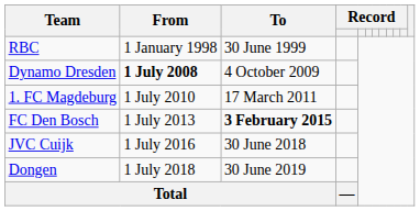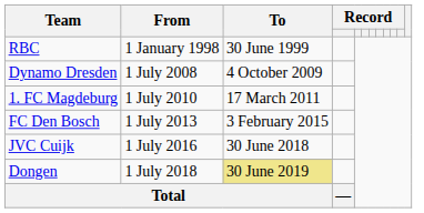 <table class=wikitable style="text-align: center;">
 <tr>
 <th rowspan=2>Team</th>
 <th rowspan=2>From</th>
 <th rowspan=2>To</th>
 <th colspan=8>Record</th>
 <th rowspan=2></th>
 </tr>
 <tr>
 <th></th>
 <th></th>
 <th></th>
 <th></th>
 <th></th>
 <th></th>
 <th></th>
 <th></th>
 </tr>
 <tr>
 <td align=left><a href='#'>RBC</a></td>
 <td align=left>1 January 1998</td>
 <td align=left>30 June 1999<br></td>
 <td></td>
 </tr>
 <tr>
 <td align=left><a href='#'>Dynamo Dresden</a></td>
-<td align=left><strong>1 July 2008</strong></td>
+<td align=left>1 July 2008</td>
 <td align=left>4 October 2009<br></td>
 <td></td>
 </tr>
 <tr>
 <td align=left><a href='#'>1. FC Magdeburg</a></td>
 <td align=left>1 July 2010</td>
 <td align=left>17 March 2011<br></td>
 <td></td>
 </tr>
 <tr>
 <td align=left><a href='#'>FC Den Bosch</a></td>
 <td align=left>1 July 2013</td>
-<td align=left><strong>3 February 2015<br></strong></td>
+<td align=left>3 February 2015<br></td>
 <td></td>
 </tr>
 <tr>
 <td align=left><a href='#'>JVC Cuijk</a></td>
 <td align=left>1 July 2016</td>
 <td align=left>30 June 2018<br></td>
 <td></td>
 </tr>
 <tr>
 <td align=left><a href='#'>Dongen</a></td>
 <td align=left>1 July 2018</td>
-<td align=left>30 June 2019<br></td>
+<td align=left style="background: khaki;">30 June 2019<br></td>
 <td></td>
 </tr>
 <tr>
 <th colspan=3>Total<br></th>
 <th>—</th>
 </tr>
 </table>
